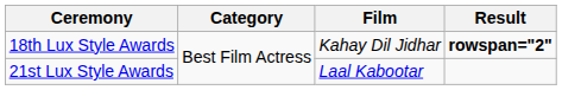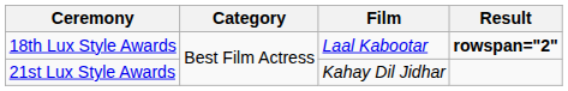 <table class="wikitable style">
 <tr>
 <th>Ceremony</th>
 <th>Category</th>
 <th>Film</th>
 <th>Result</th>
 </tr>
 <tr>
 <td><a href='#'>18th Lux Style Awards</a></td>
 <td rowspan="2">Best Film Actress</td>
-<td><em>Kahay Dil Jidhar</em></td>
+<td><em><a href='#'>Laal Kabootar</a></em></td>
 <td><strong>rowspan="2" </strong></td>
 </tr>
 <tr>
 <td><a href='#'>21st Lux Style Awards</a></td>
-<td><em><a href='#'>Laal Kabootar</a></em></td>
+<td><em>Kahay Dil Jidhar</em></td>
 </tr>
 </table>
